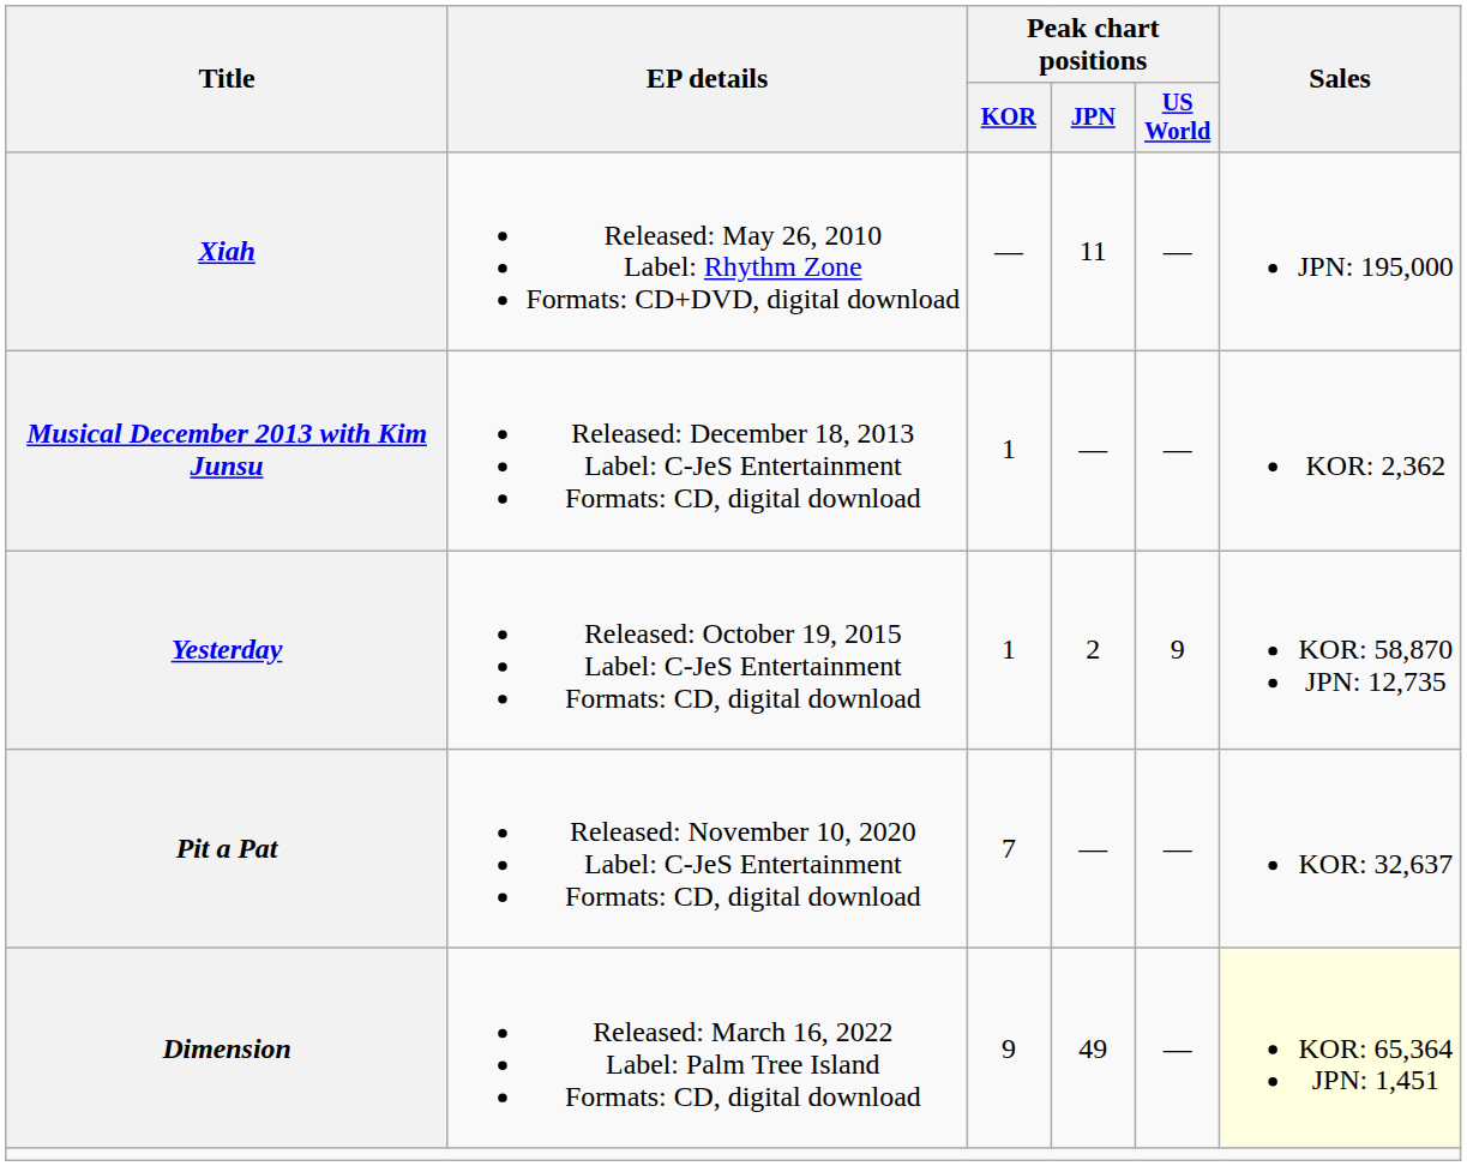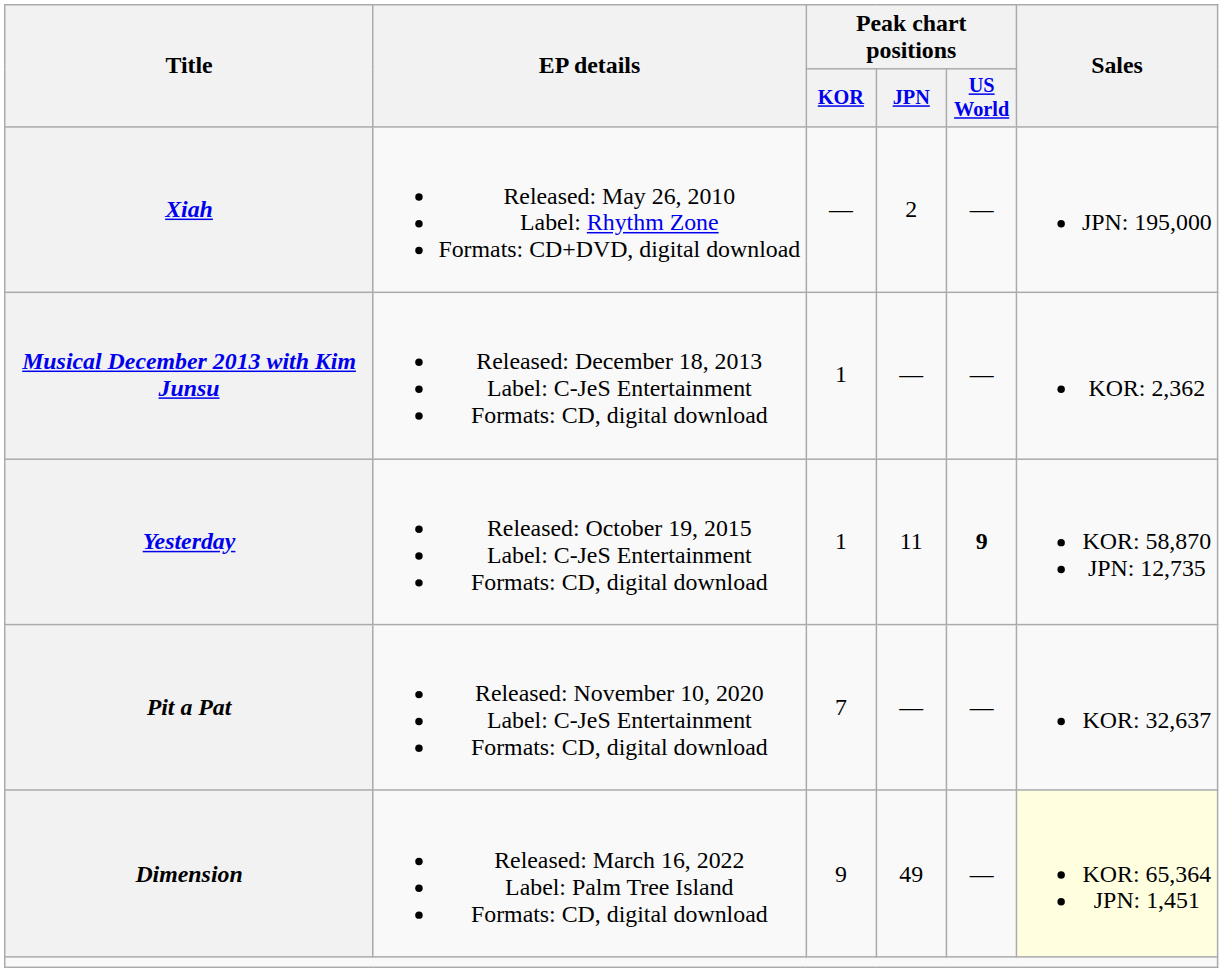 <table class="wikitable plainrowheaders" style="text-align:center;">
 <tr>
 <th scope="col" rowspan="2" style="width:15em;">Title</th>
 <th scope="col" rowspan="2">EP details</th>
 <th scope="col" colspan="3">Peak chart positions</th>
 <th scope="col" rowspan="2">Sales</th>
 </tr>
 <tr>
 <th scope="col" style="width:3em;font-size:85%;"><a href='#'>KOR</a><br></th>
 <th scope="col" style="width:3em;font-size:85%;"><a href='#'>JPN</a><br></th>
 <th scope="col" style="width:3em;font-size:85%;"><a href='#'>US<br>World</a><br></th>
 </tr>
 <tr>
 <th scope="row"><em><a href='#'>Xiah</a></em></th>
 <td><br><ul><li>Released: May 26, 2010</li><li>Label:  <a href='#'>Rhythm Zone</a></li><li>Formats: CD+DVD, digital download</li></ul></td>
 <td>—</td>
-<td>11</td>
+<td>2</td>
 <td>—</td>
 <td><br><ul><li>JPN: 195,000</li></ul></td>
 </tr>
 <tr>
 <th scope="row"><em><a href='#'>Musical December 2013 with Kim Junsu</a></em></th>
 <td><br><ul><li>Released: December 18, 2013</li><li>Label: C-JeS Entertainment</li><li>Formats: CD, digital download</li></ul></td>
 <td>1</td>
 <td>—</td>
 <td>—</td>
 <td><br><ul><li>KOR: 2,362</li></ul></td>
 </tr>
 <tr>
 <th scope="row"><em><a href='#'>Yesterday</a></em></th>
 <td><br><ul><li>Released: October 19, 2015</li><li>Label: C-JeS Entertainment</li><li>Formats: CD, digital download</li></ul></td>
 <td>1</td>
-<td>2</td>
-<td>9</td>
+<td>11</td>
+<td><strong>9</strong></td>
 <td><br><ul><li>KOR: 58,870</li><li>JPN: 12,735</li></ul></td>
 </tr>
 <tr>
 <th scope="row"><em>Pit a Pat</em></th>
 <td><br><ul><li>Released: November 10, 2020</li><li>Label: C-JeS Entertainment</li><li>Formats: CD, digital download</li></ul></td>
 <td>7</td>
 <td>—</td>
 <td>—</td>
 <td><br><ul><li>KOR: 32,637</li></ul></td>
 </tr>
 <tr>
 <th scope="row"><em>Dimension</em></th>
 <td><br><ul><li>Released: March 16, 2022</li><li>Label: Palm Tree Island</li><li>Formats: CD, digital download</li></ul></td>
 <td>9</td>
 <td>49</td>
 <td>—</td>
 <td style="background: lightyellow;"><br><ul><li>KOR: 65,364</li><li>JPN: 1,451</li></ul></td>
 </tr>
 <tr>
 <td colspan="6"></td>
 </tr>
 </table>
